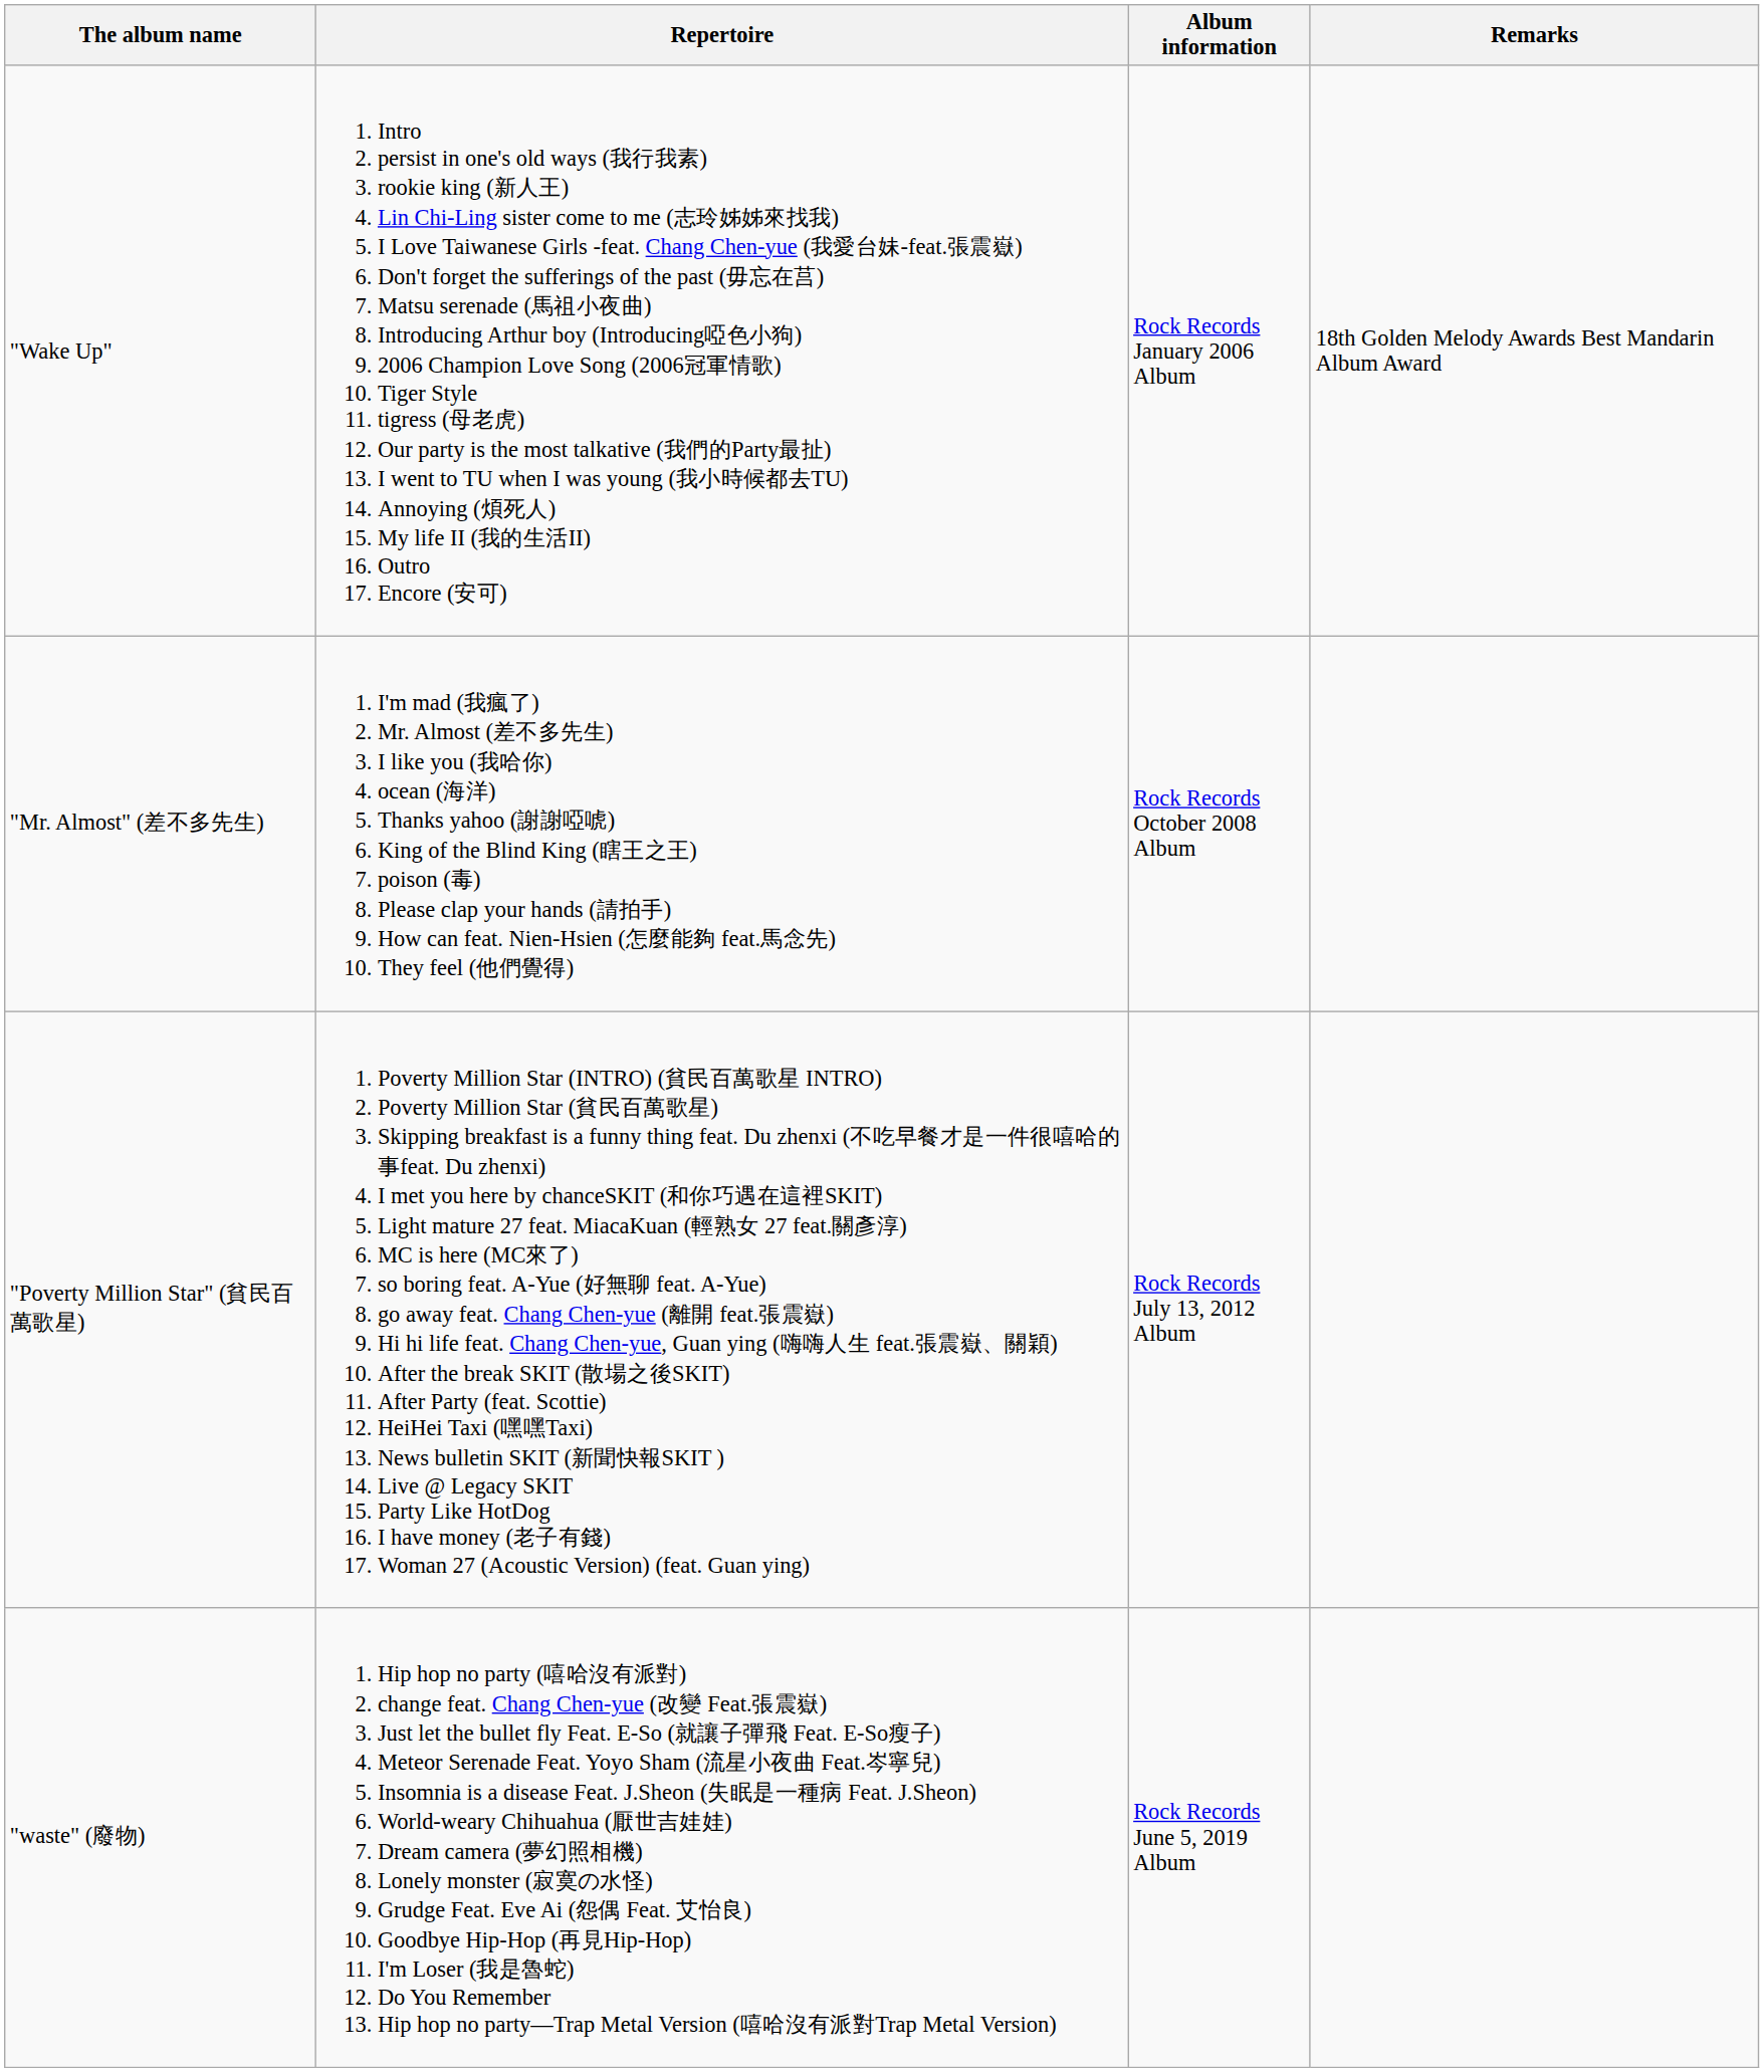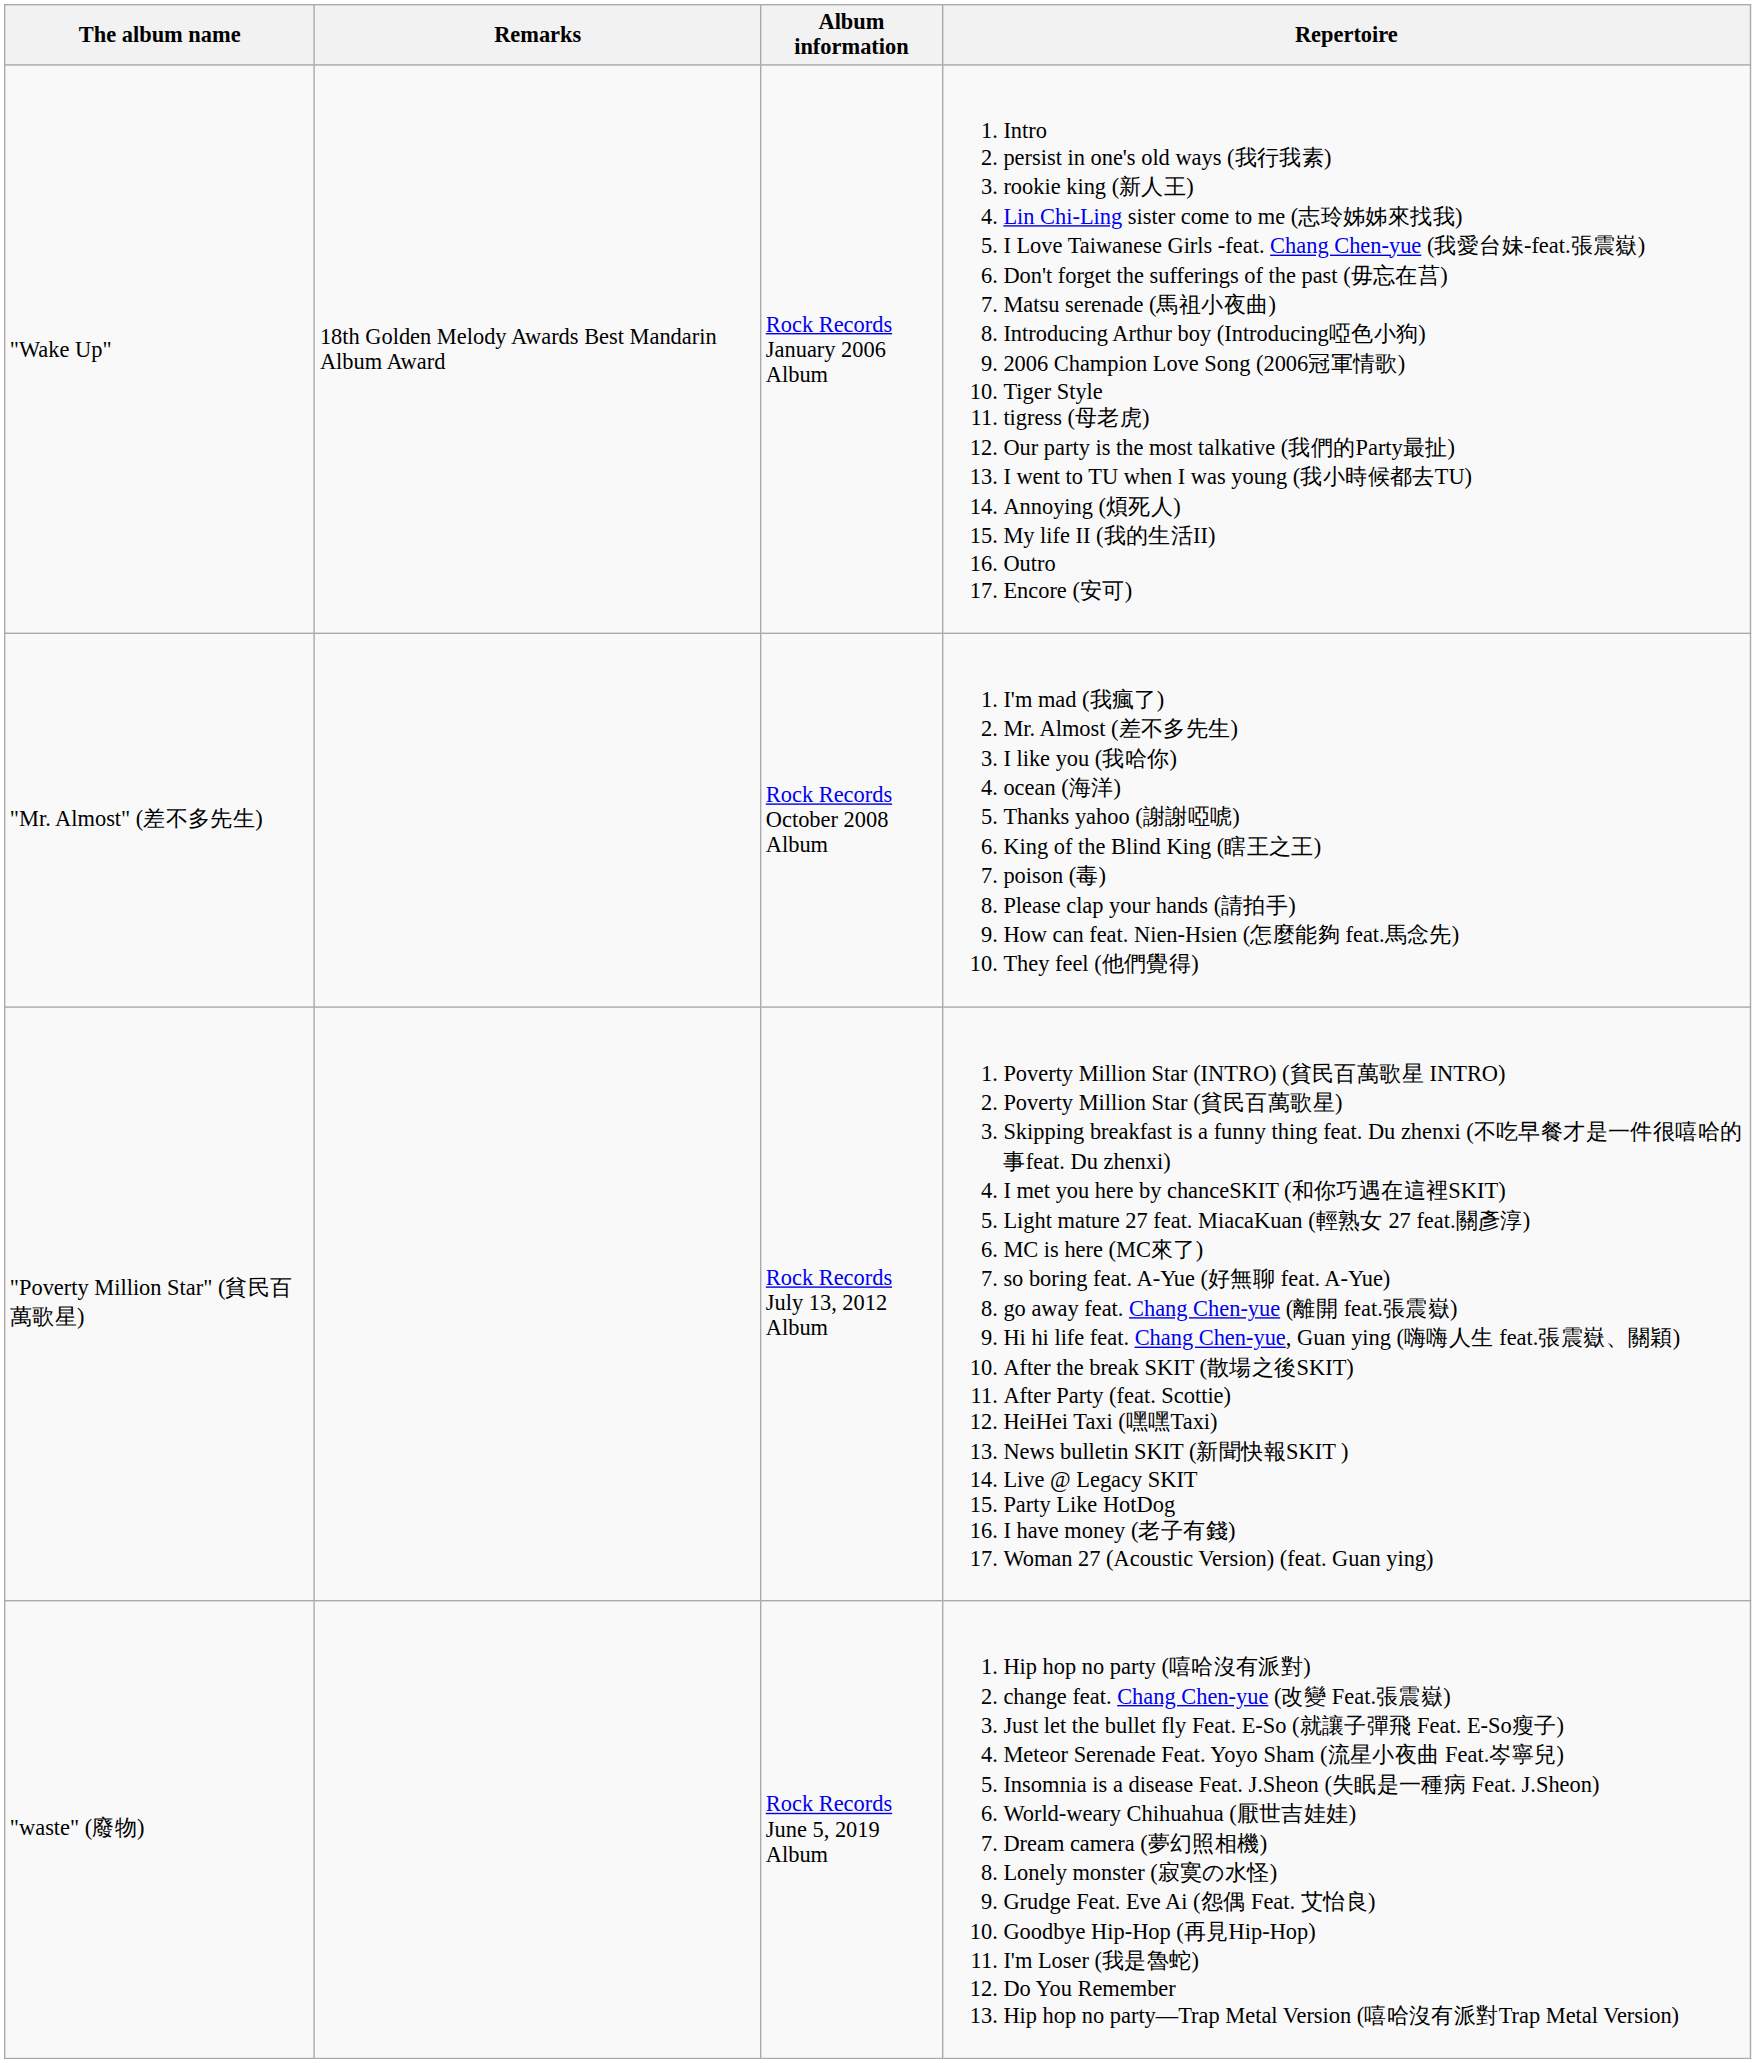 <table class="wikitable">
 <tr>
 <th>The album name</th>
+<th>Remarks</th>
+<th>Album information</th>
 <th>Repertoire</th>
-<th>Album information</th>
-<th>Remarks</th>
 </tr>
 <tr>
 <td>"Wake Up"</td>
+<td>18th Golden Melody Awards Best Mandarin Album Award</td>
+<td><a href='#'>Rock Records</a><br>January 2006<br>Album</td>
 <td><br><ol><li>Intro</li><li>persist in one's old ways (我行我素)</li><li>rookie king (新人王)</li><li><a href='#'>Lin Chi-Ling</a> sister come to me (志玲姊姊來找我)</li><li>I Love Taiwanese Girls -feat. <a href='#'>Chang Chen-yue</a> (我愛台妹-feat.張震嶽)</li><li>Don't forget the sufferings of the past (毋忘在莒)</li><li>Matsu serenade (馬祖小夜曲)</li><li>Introducing Arthur boy (Introducing啞色小狗)</li><li>2006 Champion Love Song (2006冠軍情歌)</li><li>Tiger Style</li><li>tigress (母老虎)</li><li>Our party is the most talkative (我們的Party最扯)</li><li>I went to TU when I was young (我小時候都去TU)</li><li>Annoying (煩死人)</li><li>My life II (我的生活II)</li><li>Outro</li><li>Encore (安可)</li></ol></td>
-<td><a href='#'>Rock Records</a><br>January 2006<br>Album</td>
-<td>18th Golden Melody Awards Best Mandarin Album Award</td>
 </tr>
 <tr>
 <td>"Mr. Almost" (差不多先生)</td>
+<td></td>
+<td><a href='#'>Rock Records</a><br>October 2008<br>Album</td>
 <td><br><ol><li>I'm mad (我瘋了)</li><li>Mr. Almost (差不多先生)</li><li>I like you (我哈你)</li><li>ocean (海洋)</li><li>Thanks yahoo (謝謝啞唬)</li><li>King of the Blind King (瞎王之王)</li><li>poison (毒)</li><li>Please clap your hands (請拍手)</li><li>How can feat. Nien-Hsien (怎麼能夠 feat.馬念先)</li><li>They feel (他們覺得)</li></ol></td>
-<td><a href='#'>Rock Records</a><br>October 2008<br>Album</td>
-<td></td>
 </tr>
 <tr>
 <td>"Poverty Million Star" (貧民百萬歌星)</td>
+<td></td>
+<td><a href='#'>Rock Records</a><br>July 13, 2012<br>Album</td>
 <td><br><ol><li>Poverty Million Star (INTRO) (貧民百萬歌星 INTRO)</li><li>Poverty Million Star (貧民百萬歌星)</li><li>Skipping breakfast is a funny thing feat. Du zhenxi (不吃早餐才是一件很嘻哈的事feat. Du zhenxi)</li><li>I met you here by chanceSKIT (和你巧遇在這裡SKIT)</li><li>Light mature 27 feat. MiacaKuan (輕熟女 27 feat.關彥淳)</li><li>MC is here (MC來了)</li><li>so boring feat. A-Yue (好無聊 feat. A-Yue)</li><li>go away feat. <a href='#'>Chang Chen-yue</a> (離開 feat.張震嶽)</li><li>Hi hi life feat. <a href='#'>Chang Chen-yue</a>, Guan ying (嗨嗨人生 feat.張震嶽、關穎)</li><li>After the break SKIT (散場之後SKIT)</li><li>After Party (feat. Scottie)</li><li>HeiHei Taxi (嘿嘿Taxi)</li><li>News bulletin SKIT (新聞快報SKIT )</li><li>Live @ Legacy SKIT</li><li>Party Like HotDog</li><li>I have money (老子有錢)</li><li>Woman 27 (Acoustic Version) (feat. Guan ying)</li></ol></td>
-<td><a href='#'>Rock Records</a><br>July 13, 2012<br>Album</td>
-<td></td>
 </tr>
 <tr>
 <td>"waste" (廢物)</td>
+<td></td>
+<td><a href='#'>Rock Records</a><br>June 5, 2019<br>Album</td>
 <td><br><ol><li>Hip hop no party (嘻哈沒有派對)</li><li>change feat. <a href='#'>Chang Chen-yue</a> (改變 Feat.張震嶽)</li><li>Just let the bullet fly Feat. E-So (就讓子彈飛 Feat. E-So瘦子)</li><li>Meteor Serenade Feat. Yoyo Sham (流星小夜曲 Feat.岑寧兒)</li><li>Insomnia is a disease Feat. J.Sheon (失眠是一種病 Feat. J.Sheon)</li><li>World-weary Chihuahua (厭世吉娃娃)</li><li>Dream camera (夢幻照相機)</li><li>Lonely monster (寂寞の水怪)</li><li>Grudge Feat. Eve Ai (怨偶 Feat. 艾怡良)</li><li>Goodbye Hip-Hop (再見Hip-Hop)</li><li>I'm Loser (我是魯蛇)</li><li>Do You Remember</li><li>Hip hop no party—Trap Metal Version (嘻哈沒有派對Trap Metal Version)</li></ol></td>
-<td><a href='#'>Rock Records</a><br>June 5, 2019<br>Album</td>
-<td></td>
 </tr>
 </table>
